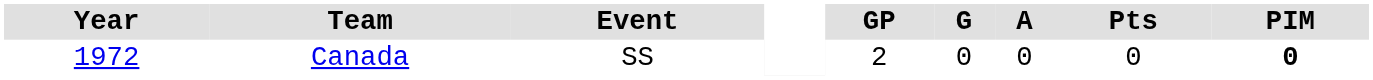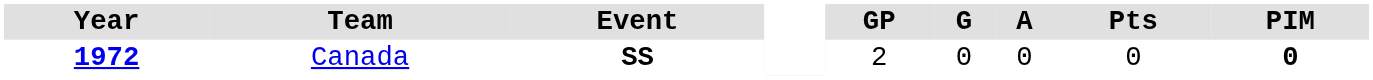 <table border="0" cellpadding="1" cellspacing="0" style="text-align:center; width:50em">
 <tr ALIGN="center" bgcolor="#e0e0e0">
 <th>Year</th>
 <th>Team</th>
 <th>Event</th>
 <th rowspan="99" bgcolor="#ffffff"> </th>
 <th>GP</th>
 <th>G</th>
 <th>A</th>
 <th>Pts</th>
 <th>PIM</th>
 </tr>
 <tr>
-<td><a href='#'>1972</a></td>
+<td><strong><a href='#'>1972</a></strong></td>
 <td><a href='#'>Canada</a></td>
-<td>SS</td>
+<td><strong>SS</strong></td>
 <td>2</td>
 <td>0</td>
 <td>0</td>
 <td>0</td>
 <td><strong>0</strong></td>
 </tr>
 </table>
